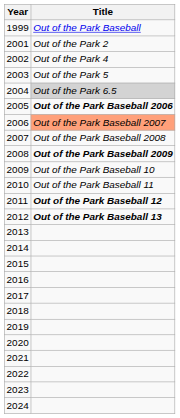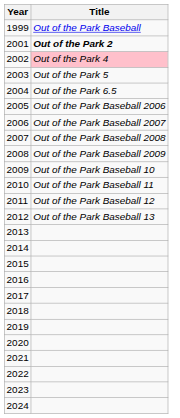 <table class="wikitable sortable">
 <tr>
 <th>Year</th>
 <th>Title</th>
 </tr>
 <tr>
 <td>1999</td>
 <td><em><a href='#'>Out of the Park Baseball</a></em></td>
 </tr>
 <tr>
 <td>2001</td>
-<td><em>Out of the Park 2</em></td>
+<td><strong><em>Out of the Park 2</em></strong></td>
 </tr>
 <tr>
 <td>2002</td>
-<td><em>Out of the Park 4</em></td>
+<td style="background: pink;"><em>Out of the Park 4</em></td>
 </tr>
 <tr>
 <td>2003</td>
 <td><em>Out of the Park 5</em></td>
 </tr>
 <tr>
 <td>2004</td>
-<td style="background: lightgrey;"><em>Out of the Park 6.5</em></td>
+<td><em>Out of the Park 6.5</em></td>
 </tr>
 <tr>
 <td>2005</td>
-<td><strong><em>Out of the Park Baseball 2006</em></strong></td>
+<td><em>Out of the Park Baseball 2006</em></td>
 </tr>
 <tr>
 <td>2006</td>
-<td style="background: lightsalmon;"><em>Out of the Park Baseball 2007</em></td>
+<td><em>Out of the Park Baseball 2007</em></td>
 </tr>
 <tr>
 <td>2007</td>
 <td><em>Out of the Park Baseball 2008</em></td>
 </tr>
 <tr>
 <td>2008</td>
-<td><strong><em>Out of the Park Baseball 2009</em></strong></td>
+<td><em>Out of the Park Baseball 2009</em></td>
 </tr>
 <tr>
 <td>2009</td>
 <td><em>Out of the Park Baseball 10</em></td>
 </tr>
 <tr>
 <td>2010</td>
 <td><em>Out of the Park Baseball 11</em></td>
 </tr>
 <tr>
 <td>2011</td>
-<td><strong><em>Out of the Park Baseball 12</em></strong></td>
+<td><em>Out of the Park Baseball 12</em></td>
 </tr>
 <tr>
 <td>2012</td>
-<td><strong><em>Out of the Park Baseball 13</em></strong></td>
+<td><em>Out of the Park Baseball 13</em></td>
 </tr>
 <tr>
 <td>2013</td>
 <td></td>
 </tr>
 <tr>
 <td>2014</td>
 <td></td>
 </tr>
 <tr>
 <td>2015</td>
 <td></td>
 </tr>
 <tr>
 <td>2016</td>
 <td></td>
 </tr>
 <tr>
 <td>2017</td>
 <td></td>
 </tr>
 <tr>
 <td>2018</td>
 <td></td>
 </tr>
 <tr>
 <td>2019</td>
 <td></td>
 </tr>
 <tr>
 <td>2020</td>
 <td></td>
 </tr>
 <tr>
 <td>2021</td>
 <td></td>
 </tr>
 <tr>
 <td>2022</td>
 <td></td>
 </tr>
 <tr>
 <td>2023</td>
 <td></td>
 </tr>
 <tr>
 <td>2024</td>
 <td></td>
 </tr>
 </table>
